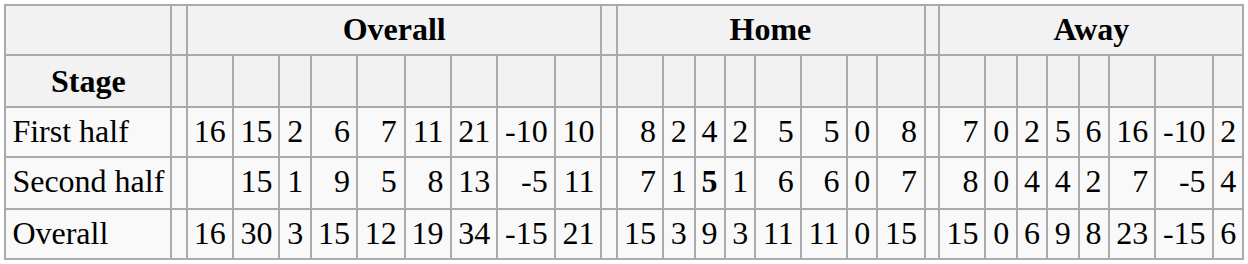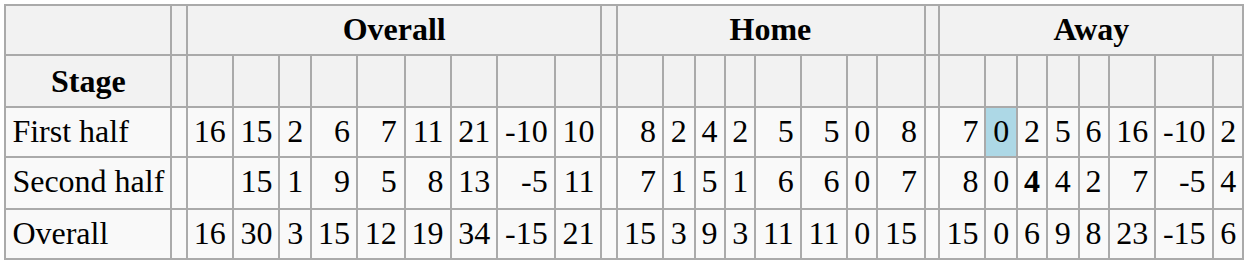 <table class="wikitable" style="text-align: right;">
 <tr>
 <th rawspan=2></th>
 <th rawspan=2></th>
 <th colspan=9>Overall</th>
 <th rawspan=1></th>
 <th colspan=8>Home</th>
 <th rawspan=1></th>
 <th colspan=8>Away</th>
 </tr>
 <tr>
 <th>Stage</th>
 <th></th>
 <th></th>
 <th></th>
 <th></th>
 <th></th>
 <th></th>
 <th></th>
 <th></th>
 <th></th>
 <th></th>
 <th></th>
 <th></th>
 <th></th>
 <th></th>
 <th></th>
 <th></th>
 <th></th>
 <th></th>
 <th></th>
 <th></th>
 <th></th>
 <th></th>
 <th></th>
 <th></th>
 <th></th>
 <th></th>
 <th></th>
 <th></th>
 </tr>
 <tr>
 <td align="left">First half</td>
 <td></td>
 <td>16</td>
 <td>15</td>
 <td>2</td>
 <td>6</td>
 <td>7</td>
 <td>11</td>
 <td>21</td>
 <td>-10</td>
 <td>10</td>
 <td></td>
 <td>8</td>
 <td>2</td>
 <td>4</td>
 <td>2</td>
 <td>5</td>
 <td>5</td>
 <td>0</td>
 <td>8</td>
 <td></td>
 <td>7</td>
-<td>0</td>
+<td style="background: lightblue;">0</td>
 <td>2</td>
 <td>5</td>
 <td>6</td>
 <td>16</td>
 <td>-10</td>
 <td>2</td>
 </tr>
 <tr>
 <td align="left">Second half</td>
 <td></td>
 <td></td>
 <td>15</td>
 <td>1</td>
 <td>9</td>
 <td>5</td>
 <td>8</td>
 <td>13</td>
 <td>-5</td>
 <td>11</td>
 <td></td>
 <td>7</td>
 <td>1</td>
-<td><strong>5</strong></td>
+<td>5</td>
 <td>1</td>
 <td>6</td>
 <td>6</td>
 <td>0</td>
 <td>7</td>
 <td></td>
 <td>8</td>
 <td>0</td>
-<td>4</td>
+<td><strong>4</strong></td>
 <td>4</td>
 <td>2</td>
 <td>7</td>
 <td>-5</td>
 <td>4</td>
 </tr>
 <tr>
 <td align="left">Overall</td>
 <td></td>
 <td>16</td>
 <td>30</td>
 <td>3</td>
 <td>15</td>
 <td>12</td>
 <td>19</td>
 <td>34</td>
 <td>-15</td>
 <td>21</td>
 <td></td>
 <td>15</td>
 <td>3</td>
 <td>9</td>
 <td>3</td>
 <td>11</td>
 <td>11</td>
 <td>0</td>
 <td>15</td>
 <td></td>
 <td>15</td>
 <td>0</td>
 <td>6</td>
 <td>9</td>
 <td>8</td>
 <td>23</td>
 <td>-15</td>
 <td>6</td>
 </tr>
 </table>
